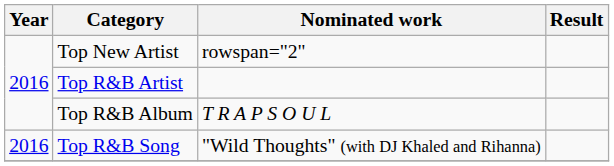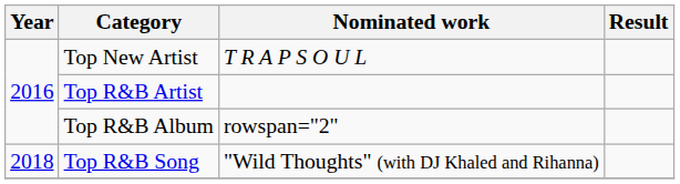 <table class="wikitable">
 <tr>
 <th>Year</th>
 <th>Category</th>
 <th>Nominated work</th>
 <th>Result</th>
 </tr>
 <tr>
 <td rowspan="3"><a href='#'>2016</a></td>
 <td>Top New Artist</td>
-<td>rowspan="2" </td>
+<td><em>T R A P S O U L</em></td>
 <td></td>
 </tr>
 <tr>
 <td><a href='#'>Top R&B Artist</a></td>
 <td></td>
 </tr>
 <tr>
 <td>Top R&B Album</td>
-<td><em>T R A P S O U L</em></td>
+<td>rowspan="2" </td>
 <td></td>
 </tr>
 <tr>
-<td><a href='#'>2016</a></td>
+<td><a href='#'>2018</a></td>
 <td><a href='#'>Top R&B Song</a></td>
 <td>"Wild Thoughts" <small>(with DJ Khaled and Rihanna)</small></td>
 <td></td>
 </tr>
 <tr>
 </tr>
 </table>
